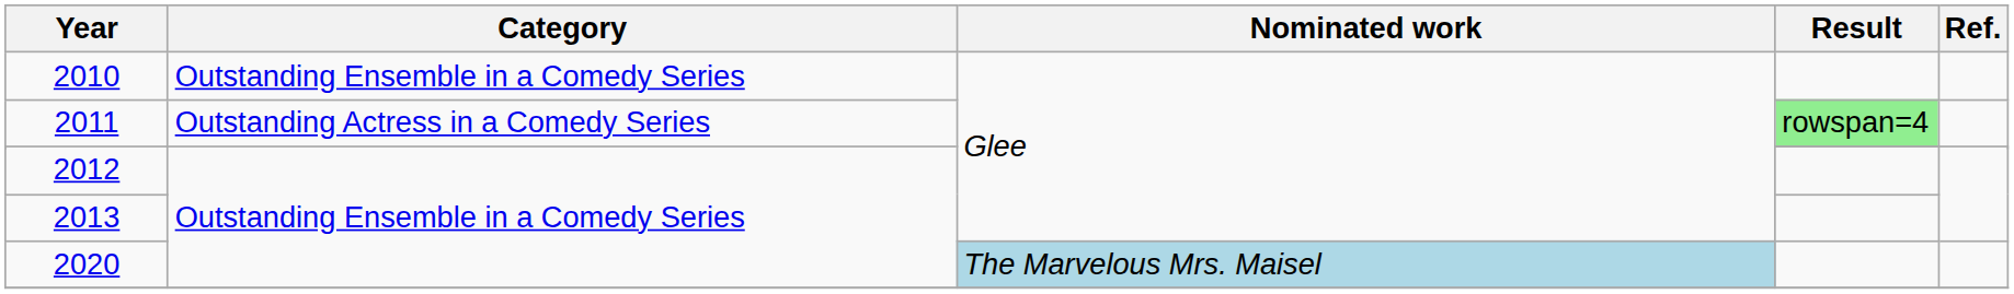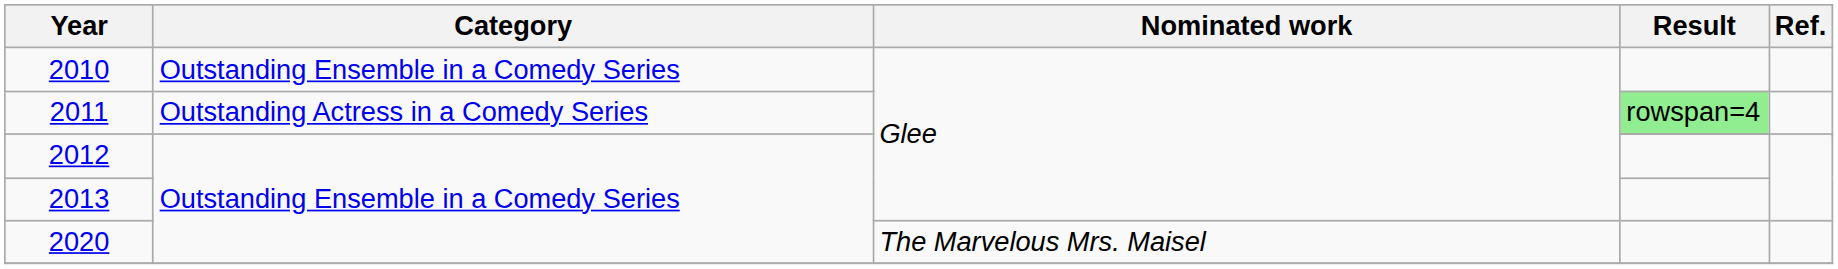 <table class=wikitable>
 <tr>
 <th scope="col" style="width:5em;">Year</th>
 <th scope="col" style="width:26em;">Category</th>
 <th scope="col" style="width:27em;">Nominated work</th>
 <th scope="col" style="width:5em;">Result</th>
 <th>Ref.</th>
 </tr>
 <tr>
 <td style="text-align:center;"><a href='#'>2010</a></td>
 <td><a href='#'>Outstanding Ensemble in a Comedy Series</a></td>
 <td rowspan=5><em>Glee</em></td>
 <td></td>
 <td style="text-align:center;"></td>
 </tr>
 <tr>
 <td style="text-align:center;", rowspan=2><a href='#'>2011</a></td>
 <td><a href='#'>Outstanding Actress in a Comedy Series</a></td>
 <td style="background: lightgreen;">rowspan=4 </td>
 <td rowspan=2 style="text-align:center;"></td>
 </tr>
 <tr>
 <td rowspan=4><a href='#'>Outstanding Ensemble in a Comedy Series</a></td>
 </tr>
 <tr>
 <td style="text-align:center;"><a href='#'>2012</a></td>
 <td style="text-align:center;"></td>
 </tr>
 <tr>
 <td style="text-align:center;"><a href='#'>2013</a></td>
 <td style="text-align:center;"></td>
 </tr>
 <tr>
 <td style="text-align:center;"><a href='#'>2020</a></td>
-<td style="background: lightblue;"><em>The Marvelous Mrs. Maisel</em></td>
+<td><em>The Marvelous Mrs. Maisel</em></td>
 <td></td>
 <td style="text-align:center;"></td>
 </tr>
 <tr>
 </tr>
 </table>
